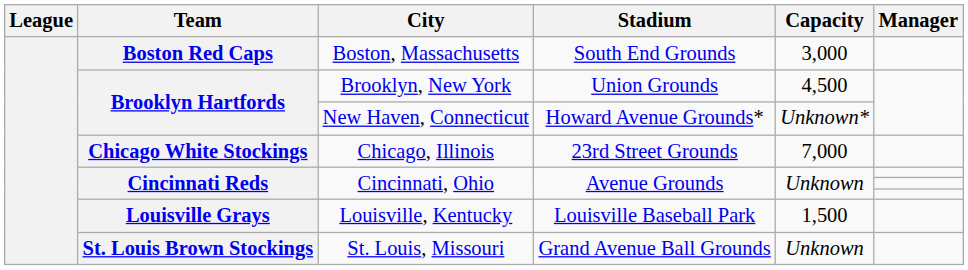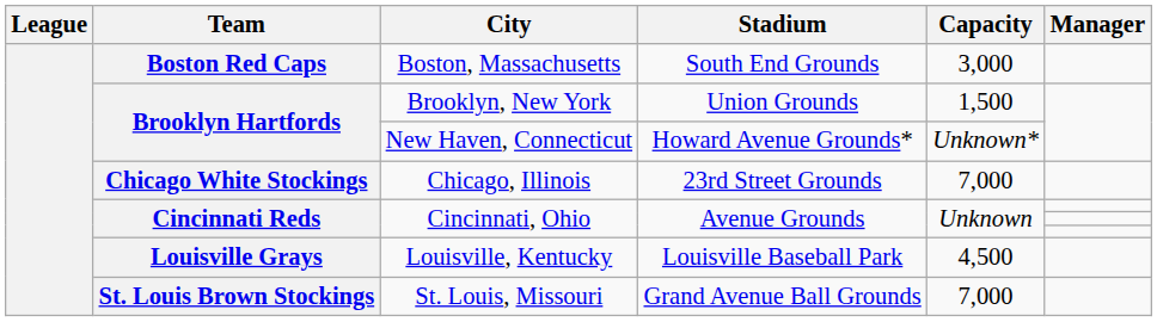 <table class="wikitable sortable plainrowheaders" style="text-align:center;">
 <tr>
 <th scope="col">League</th>
 <th scope="col">Team</th>
 <th scope="col">City</th>
 <th scope="col">Stadium</th>
 <th scope="col">Capacity</th>
 <th scope="col">Manager</th>
 </tr>
 <tr>
 <th rowspan="9"></th>
 <th scope="row"><a href='#'>Boston Red Caps</a></th>
 <td><a href='#'>Boston</a>, <a href='#'>Massachusetts</a></td>
 <td><a href='#'>South End Grounds</a></td>
 <td>3,000</td>
 <td></td>
 </tr>
 <tr>
 <th rowspan="2" scope="row"><a href='#'>Brooklyn Hartfords</a></th>
 <td><a href='#'>Brooklyn</a>, <a href='#'>New York</a></td>
 <td><a href='#'>Union Grounds</a></td>
-<td>4,500</td>
+<td>1,500</td>
 <td rowspan="2"></td>
 </tr>
 <tr>
 <td><a href='#'>New Haven</a>, <a href='#'>Connecticut</a></td>
 <td><a href='#'>Howard Avenue Grounds</a>*</td>
 <td><em>Unknown*</em></td>
 </tr>
 <tr>
 <th scope="row"><a href='#'>Chicago White Stockings</a></th>
 <td><a href='#'>Chicago</a>, <a href='#'>Illinois</a></td>
 <td><a href='#'>23rd Street Grounds</a></td>
 <td>7,000</td>
 <td></td>
 </tr>
 <tr>
 <th rowspan="3" scope="row"><a href='#'>Cincinnati Reds</a></th>
 <td rowspan="3"><a href='#'>Cincinnati</a>, <a href='#'>Ohio</a></td>
 <td rowspan="3"><a href='#'>Avenue Grounds</a></td>
 <td rowspan="3"><em>Unknown</em></td>
 <td></td>
 </tr>
 <tr>
 <td></td>
 </tr>
 <tr>
 <td></td>
 </tr>
 <tr>
 <th scope="row"><a href='#'>Louisville Grays</a></th>
 <td><a href='#'>Louisville</a>, <a href='#'>Kentucky</a></td>
 <td><a href='#'>Louisville Baseball Park</a></td>
-<td>1,500</td>
+<td>4,500</td>
 <td></td>
 </tr>
 <tr>
 <th scope="row"><a href='#'>St. Louis Brown Stockings</a></th>
 <td><a href='#'>St. Louis</a>, <a href='#'>Missouri</a></td>
 <td><a href='#'>Grand Avenue Ball Grounds</a></td>
-<td><em>Unknown</em></td>
+<td>7,000</td>
 <td></td>
 </tr>
 </table>
